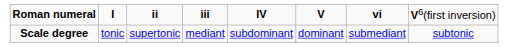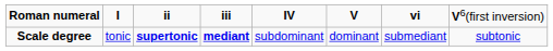 <table class="wikitable" style="margin:auto; text-align: center;">
 <tr>
 <td><strong>Roman numeral</strong></td>
 <td><strong> I </strong></td>
 <td><strong>ii</strong></td>
 <td><strong>iii</strong></td>
 <td><strong>IV</strong></td>
 <td><strong>V</strong></td>
 <td><strong>vi</strong></td>
 <td><strong>V</strong><sup>6</sup>(first inversion)</td>
 </tr>
 <tr>
 <td><strong>Scale degree</strong></td>
 <td><a href='#'>tonic</a></td>
-<td><a href='#'>supertonic</a></td>
-<td><a href='#'>mediant</a></td>
+<td><strong><a href='#'>supertonic</a></strong></td>
+<td><strong><a href='#'>mediant</a></strong></td>
 <td><a href='#'>subdominant</a></td>
 <td><a href='#'>dominant</a></td>
 <td><a href='#'>submediant</a></td>
 <td><a href='#'>subtonic</a></td>
 </tr>
 </table>
